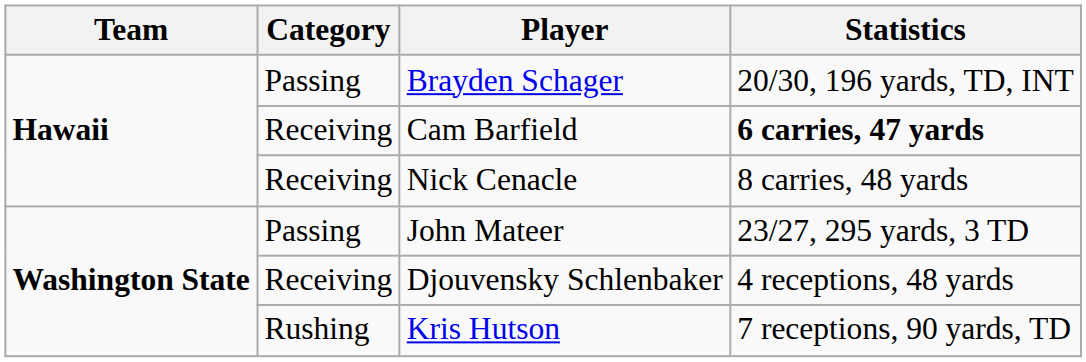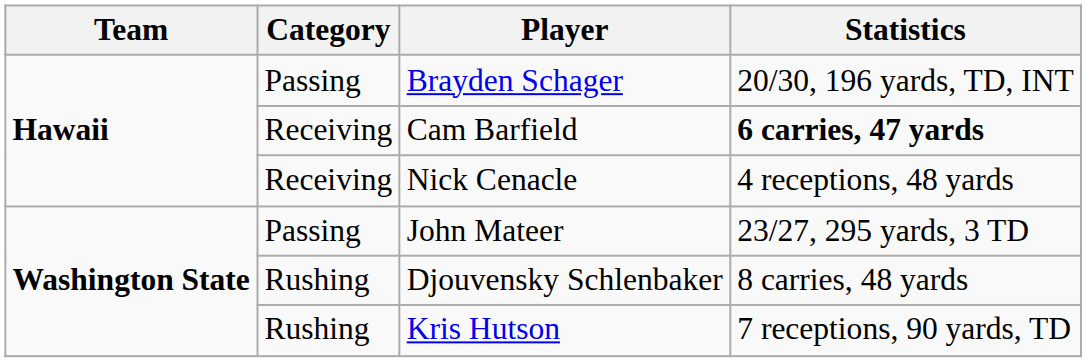 <table class="wikitable" style="float: right;">
 <tr>
 <th>Team</th>
 <th>Category</th>
 <th>Player</th>
 <th>Statistics</th>
 </tr>
 <tr>
 <td rowspan=3><strong>Hawaii</strong></td>
 <td>Passing</td>
 <td><a href='#'>Brayden Schager</a></td>
 <td>20/30, 196 yards, TD, INT</td>
 </tr>
 <tr>
 <td>Receiving</td>
 <td>Cam Barfield</td>
 <td><strong>6 carries, 47 yards</strong></td>
 </tr>
 <tr>
 <td>Receiving</td>
 <td>Nick Cenacle</td>
-<td>8 carries, 48 yards</td>
+<td>4 receptions, 48 yards</td>
 </tr>
 <tr>
 <td rowspan=3><strong>Washington State</strong></td>
 <td>Passing</td>
 <td>John Mateer</td>
 <td>23/27, 295 yards, 3 TD</td>
 </tr>
 <tr>
-<td>Receiving</td>
+<td>Rushing</td>
 <td>Djouvensky Schlenbaker</td>
-<td>4 receptions, 48 yards</td>
+<td>8 carries, 48 yards</td>
 </tr>
 <tr>
 <td>Rushing</td>
 <td><a href='#'>Kris Hutson</a></td>
 <td>7 receptions, 90 yards, TD</td>
 </tr>
 </table>
